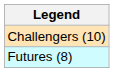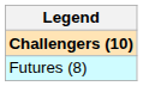 <table class="wikitable">
 <tr>
 <th>Legend</th>
 </tr>
 <tr bgcolor="moccasin">
-<td>Challengers (10)</td>
+<td><strong>Challengers (10)</strong></td>
 </tr>
 <tr bgcolor="CFFCFF">
 <td>Futures (8)</td>
 </tr>
 </table>
